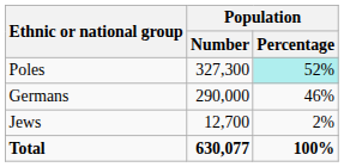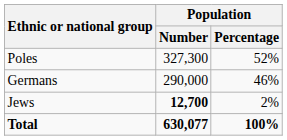 <table class="wikitable">
 <tr>
 <th rowspan="2">Ethnic or national group</th>
 <th colspan="2">Population</th>
 </tr>
 <tr>
 <th>Number</th>
 <th>Percentage</th>
 </tr>
 <tr>
 <td>Poles</td>
 <td align="right">327,300</td>
-<td align="right" style="background: paleturquoise;">52%</td>
+<td align="right">52%</td>
 </tr>
 <tr>
 <td>Germans</td>
 <td align="right">290,000</td>
 <td align="right">46%</td>
 </tr>
 <tr>
 <td>Jews</td>
-<td align="right">12,700</td>
+<td align="right"><strong>12,700</strong></td>
 <td align="right">2%</td>
 </tr>
 <tr>
 <td><strong>Total</strong></td>
 <td align="right"><strong>630,077</strong></td>
 <td align="right"><strong>100%</strong></td>
 </tr>
 </table>
